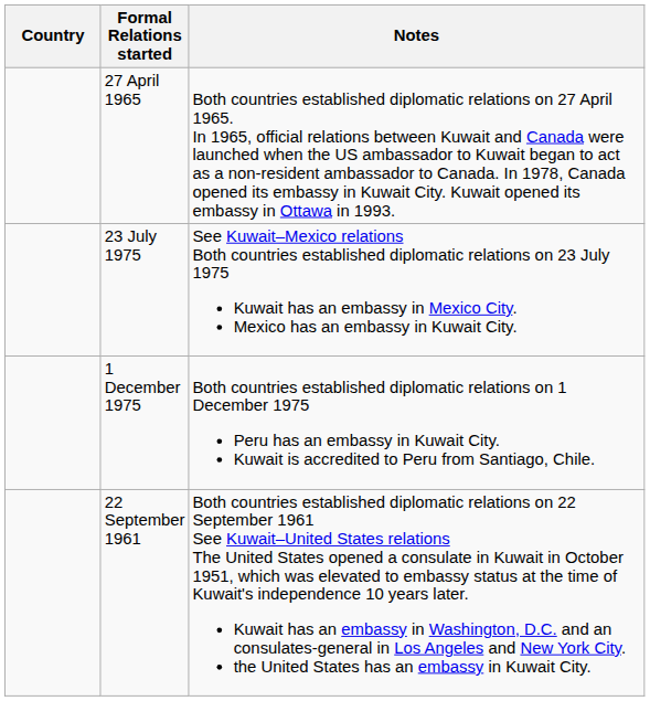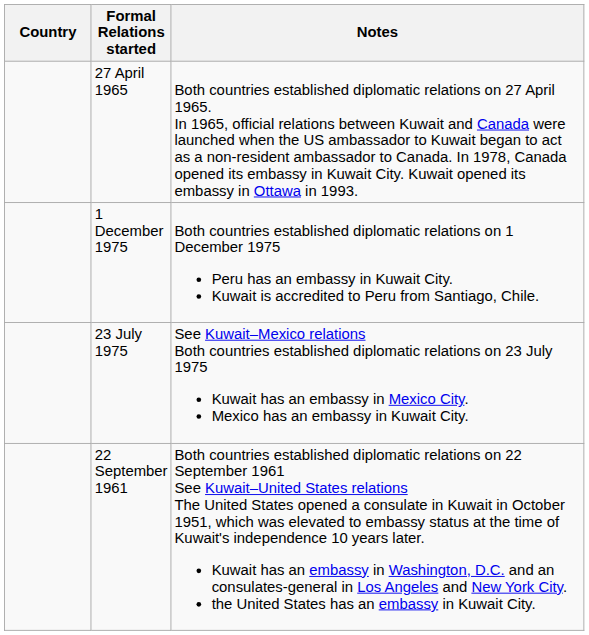 <table class="wikitable sortable" style="width:100%; margin:auto;">
 <tr>
 <th style="width:15%;">Country</th>
 <th style="width:12%;">Formal Relations started</th>
 <th>Notes</th>
 </tr>
 <tr valign="top">
 <td></td>
 <td>27 April 1965</td>
 <td><br>Both countries established diplomatic relations on 27 April 1965.<br>In 1965, official relations between Kuwait and <a href='#'>Canada</a> were launched when the US ambassador to Kuwait began to act as a non-resident ambassador to Canada. In 1978, Canada opened its embassy in Kuwait City. Kuwait opened its embassy in <a href='#'>Ottawa</a> in 1993.</td>
 </tr>
 <tr valign="top">
 <td></td>
-<td>23 July 1975</td>
-<td>See <a href='#'>Kuwait–Mexico relations</a><br>Both countries established diplomatic relations on 23 July 1975<ul><li>Kuwait has an embassy in <a href='#'>Mexico City</a>.</li><li>Mexico has an embassy in Kuwait City.</li></ul></td>
+<td>1 December 1975</td>
+<td><br>Both countries established diplomatic relations on 1 December 1975<ul><li>Peru has an embassy in Kuwait City.</li><li>Kuwait is accredited to Peru from Santiago, Chile.</li></ul></td>
 </tr>
 <tr valign="top">
 <td></td>
-<td>1 December 1975</td>
-<td><br>Both countries established diplomatic relations on 1 December 1975<ul><li>Peru has an embassy in Kuwait City.</li><li>Kuwait is accredited to Peru from Santiago, Chile.</li></ul></td>
+<td>23 July 1975</td>
+<td>See <a href='#'>Kuwait–Mexico relations</a><br>Both countries established diplomatic relations on 23 July 1975<ul><li>Kuwait has an embassy in <a href='#'>Mexico City</a>.</li><li>Mexico has an embassy in Kuwait City.</li></ul></td>
 </tr>
 <tr valign="top">
 <td></td>
 <td>22 September 1961</td>
 <td>Both countries established diplomatic relations on 22 September 1961<br>See <a href='#'>Kuwait–United States relations</a> <br>The United States opened a consulate in Kuwait in October 1951, which was elevated to embassy status at the time of Kuwait's independence 10 years later.<ul><li>Kuwait has an <a href='#'>embassy</a> in <a href='#'>Washington, D.C.</a> and an consulates-general in <a href='#'>Los Angeles</a> and <a href='#'>New York City</a>.</li><li>the United States has an <a href='#'>embassy</a> in Kuwait City.</li></ul></td>
 </tr>
 </table>
